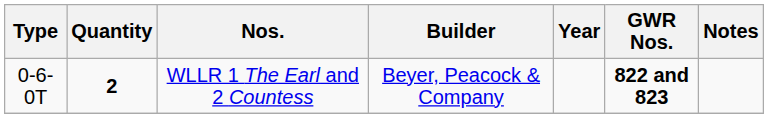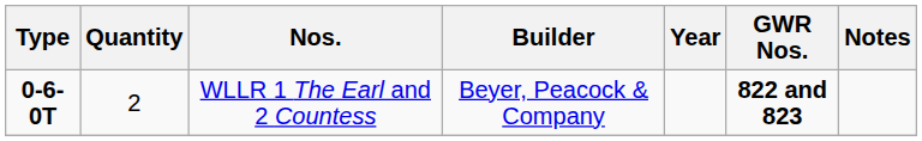 <table class=wikitable style=text-align:center>
 <tr>
 <th>Type</th>
 <th>Quantity</th>
 <th>Nos.</th>
 <th>Builder</th>
 <th>Year</th>
 <th>GWR Nos.</th>
 <th>Notes</th>
 </tr>
 <tr>
-<td>0-6-0T</td>
-<td><strong>2</strong></td>
+<td><strong>0-6-0T</strong></td>
+<td>2</td>
 <td><a href='#'>WLLR 1 <em>The Earl</em> and 2 <em>Countess</em></a></td>
 <td><a href='#'>Beyer, Peacock & Company</a></td>
 <td></td>
 <td><strong>822 and 823</strong></td>
 <td></td>
 </tr>
 <tr>
 </tr>
 </table>
